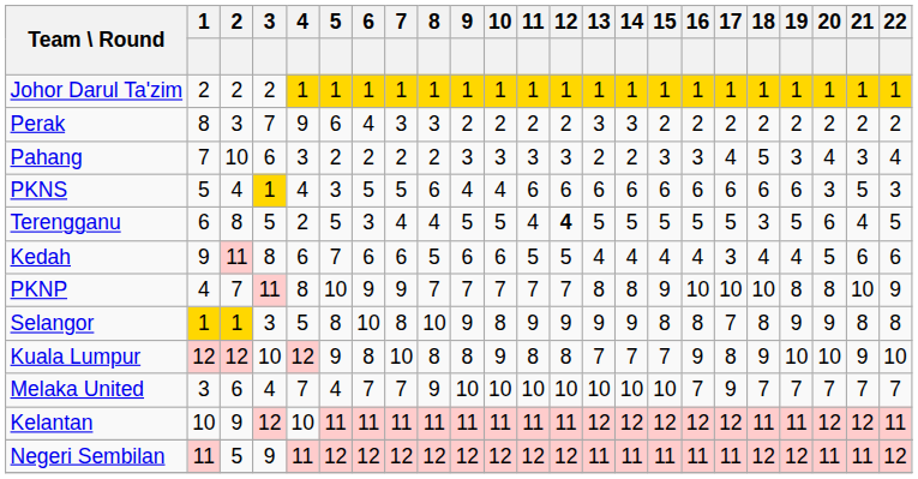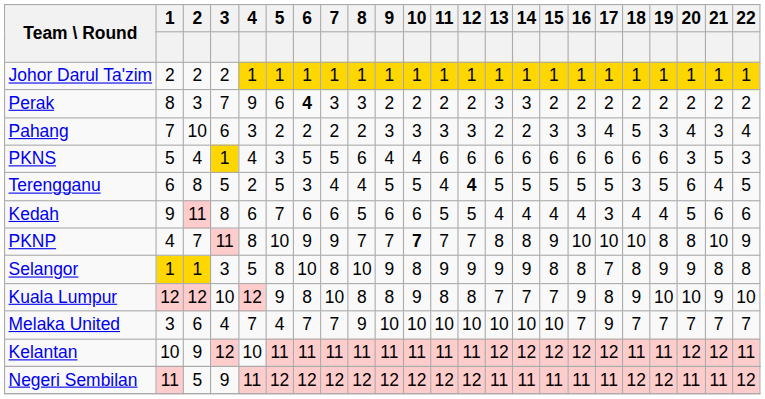 <table class="wikitable sortable" style="text-align:center;">
 <tr>
 <th rowspan="2">Team \ Round</th>
 <th>1</th>
 <th>2</th>
 <th>3</th>
 <th>4</th>
 <th>5</th>
 <th>6</th>
 <th>7</th>
 <th>8</th>
 <th>9</th>
 <th>10</th>
 <th>11</th>
 <th>12</th>
 <th>13</th>
 <th>14</th>
 <th>15</th>
 <th>16</th>
 <th>17</th>
 <th>18</th>
 <th>19</th>
 <th>20</th>
 <th>21</th>
 <th>22</th>
 </tr>
 <tr>
 <th style="height:20px;"></th>
 <th></th>
 <th></th>
 <th></th>
 <th></th>
 <th></th>
 <th></th>
 <th></th>
 <th></th>
 <th></th>
 <th></th>
 <th></th>
 <th></th>
 <th></th>
 <th></th>
 <th></th>
 <th></th>
 <th></th>
 <th></th>
 <th></th>
 <th></th>
 <th></th>
 </tr>
 <tr>
 <td align=left><a href='#'>Johor Darul Ta'zim</a></td>
 <td>2</td>
 <td>2</td>
 <td>2</td>
 <td style="width:10px; background:gold;">1</td>
 <td style="width:10px; background:gold;">1</td>
 <td style="width:10px; background:gold;">1</td>
 <td style="width:10px; background:gold;">1</td>
 <td style="width:10px; background:gold;">1</td>
 <td style="width:10px; background:gold;">1</td>
 <td style="width:10px; background:gold;">1</td>
 <td style="width:10px; background:gold;">1</td>
 <td style="width:10px; background:gold;">1</td>
 <td style="width:10px; background:gold;">1</td>
 <td style="width:10px; background:gold;">1</td>
 <td style="width:10px; background:gold;">1</td>
 <td style="width:10px; background:gold;">1</td>
 <td style="width:10px; background:gold;">1</td>
 <td style="width:10px; background:gold;">1</td>
 <td style="width:10px; background:gold;">1</td>
 <td style="width:10px; background:gold;">1</td>
 <td style="width:10px; background:gold;">1</td>
 <td style="width:10px; background:gold;">1</td>
 </tr>
 <tr>
 <td align=left><a href='#'>Perak</a></td>
 <td>8</td>
 <td>3</td>
 <td>7</td>
 <td>9</td>
 <td>6</td>
-<td>4</td>
+<td><strong>4</strong></td>
 <td>3</td>
 <td>3</td>
 <td>2</td>
 <td>2</td>
 <td>2</td>
 <td>2</td>
 <td>3</td>
 <td>3</td>
 <td>2</td>
 <td>2</td>
 <td>2</td>
 <td>2</td>
 <td>2</td>
 <td>2</td>
 <td>2</td>
 <td>2</td>
 </tr>
 <tr>
 <td align=left><a href='#'>Pahang</a></td>
 <td>7</td>
 <td>10</td>
 <td>6</td>
 <td>3</td>
 <td>2</td>
 <td>2</td>
 <td>2</td>
 <td>2</td>
 <td>3</td>
 <td>3</td>
 <td>3</td>
 <td>3</td>
 <td>2</td>
 <td>2</td>
 <td>3</td>
 <td>3</td>
 <td>4</td>
 <td>5</td>
 <td>3</td>
 <td>4</td>
 <td>3</td>
 <td>4</td>
 </tr>
 <tr>
 <td align=left><a href='#'>PKNS</a></td>
 <td>5</td>
 <td>4</td>
 <td style="width:10px; background:gold;">1</td>
 <td>4</td>
 <td>3</td>
 <td>5</td>
 <td>5</td>
 <td>6</td>
 <td>4</td>
 <td>4</td>
 <td>6</td>
 <td>6</td>
 <td>6</td>
 <td>6</td>
 <td>6</td>
 <td>6</td>
 <td>6</td>
 <td>6</td>
 <td>6</td>
 <td>3</td>
 <td>5</td>
 <td>3</td>
 </tr>
 <tr>
 <td align=left><a href='#'>Terengganu</a></td>
 <td>6</td>
 <td>8</td>
 <td>5</td>
 <td>2</td>
 <td>5</td>
 <td>3</td>
 <td>4</td>
 <td>4</td>
 <td>5</td>
 <td>5</td>
 <td>4</td>
 <td><strong>4</strong></td>
 <td>5</td>
 <td>5</td>
 <td>5</td>
 <td>5</td>
 <td>5</td>
 <td>3</td>
 <td>5</td>
 <td>6</td>
 <td>4</td>
 <td>5</td>
 </tr>
 <tr>
 <td align=left><a href='#'>Kedah</a></td>
 <td>9</td>
 <td style="width:10px; background:#ffcccc;">11</td>
 <td>8</td>
 <td>6</td>
 <td>7</td>
 <td>6</td>
 <td>6</td>
 <td>5</td>
 <td>6</td>
 <td>6</td>
 <td>5</td>
 <td>5</td>
 <td>4</td>
 <td>4</td>
 <td>4</td>
 <td>4</td>
 <td>3</td>
 <td>4</td>
 <td>4</td>
 <td>5</td>
 <td>6</td>
 <td>6</td>
 </tr>
 <tr>
 <td align=left><a href='#'>PKNP</a></td>
 <td>4</td>
 <td>7</td>
 <td style="width:10px; background:#ffcccc;">11</td>
 <td>8</td>
 <td>10</td>
 <td>9</td>
 <td>9</td>
 <td>7</td>
 <td>7</td>
-<td>7</td>
+<td><strong>7</strong></td>
 <td>7</td>
 <td>7</td>
 <td>8</td>
 <td>8</td>
 <td>9</td>
 <td>10</td>
 <td>10</td>
 <td>10</td>
 <td>8</td>
 <td>8</td>
 <td>10</td>
 <td>9</td>
 </tr>
 <tr>
 <td align=left><a href='#'>Selangor</a></td>
 <td style="width:10px; background:gold;">1</td>
 <td style="width:10px; background:gold;">1</td>
 <td>3</td>
 <td>5</td>
 <td>8</td>
 <td>10</td>
 <td>8</td>
 <td>10</td>
 <td>9</td>
 <td>8</td>
 <td>9</td>
 <td>9</td>
 <td>9</td>
 <td>9</td>
 <td>8</td>
 <td>8</td>
 <td>7</td>
 <td>8</td>
 <td>9</td>
 <td>9</td>
 <td>8</td>
 <td>8</td>
 </tr>
 <tr>
 <td align=left><a href='#'>Kuala Lumpur</a></td>
 <td style="width:10px; background:#ffcccc;">12</td>
 <td style="width:10px; background:#ffcccc;">12</td>
 <td>10</td>
 <td style="width:10px; background:#ffcccc;">12</td>
 <td>9</td>
 <td>8</td>
 <td>10</td>
 <td>8</td>
 <td>8</td>
 <td>9</td>
 <td>8</td>
 <td>8</td>
 <td>7</td>
 <td>7</td>
 <td>7</td>
 <td>9</td>
 <td>8</td>
 <td>9</td>
 <td>10</td>
 <td>10</td>
 <td>9</td>
 <td>10</td>
 </tr>
 <tr>
 <td align=left><a href='#'>Melaka United</a></td>
 <td>3</td>
 <td>6</td>
 <td>4</td>
 <td>7</td>
 <td>4</td>
 <td>7</td>
 <td>7</td>
 <td>9</td>
 <td>10</td>
 <td>10</td>
 <td>10</td>
 <td>10</td>
 <td>10</td>
 <td>10</td>
 <td>10</td>
 <td>7</td>
 <td>9</td>
 <td>7</td>
 <td>7</td>
 <td>7</td>
 <td>7</td>
 <td>7</td>
 </tr>
 <tr>
 <td align=left><a href='#'>Kelantan</a></td>
 <td>10</td>
 <td>9</td>
 <td style="width:10px; background:#ffcccc;">12</td>
 <td>10</td>
 <td style="width:10px; background:#ffcccc;">11</td>
 <td style="width:10px; background:#ffcccc;">11</td>
 <td style="width:10px; background:#ffcccc;">11</td>
 <td style="width:10px; background:#ffcccc;">11</td>
 <td style="width:10px; background:#ffcccc;">11</td>
 <td style="width:10px; background:#ffcccc;">11</td>
 <td style="width:10px; background:#ffcccc;">11</td>
 <td style="width:10px; background:#ffcccc;">11</td>
 <td style="width:10px; background:#ffcccc;">12</td>
 <td style="width:10px; background:#ffcccc;">12</td>
 <td style="width:10px; background:#ffcccc;">12</td>
 <td style="width:10px; background:#ffcccc;">12</td>
 <td style="width:10px; background:#ffcccc;">12</td>
 <td style="width:10px; background:#ffcccc;">11</td>
 <td style="width:10px; background:#ffcccc;">11</td>
 <td style="width:10px; background:#ffcccc;">12</td>
 <td style="width:10px; background:#ffcccc;">12</td>
 <td style="width:10px; background:#ffcccc;">11</td>
 </tr>
 <tr>
 </tr>
 <tr>
 <td align=left><a href='#'>Negeri Sembilan</a></td>
 <td style="width:10px; background:#ffcccc;">11</td>
 <td>5</td>
 <td>9</td>
 <td style="width:10px; background:#ffcccc;">11</td>
 <td style="width:10px; background:#ffcccc;">12</td>
 <td style="width:10px; background:#ffcccc;">12</td>
 <td style="width:10px; background:#ffcccc;">12</td>
 <td style="width:10px; background:#ffcccc;">12</td>
 <td style="width:10px; background:#ffcccc;">12</td>
 <td style="width:10px; background:#ffcccc;">12</td>
 <td style="width:10px; background:#ffcccc;">12</td>
 <td style="width:10px; background:#ffcccc;">12</td>
 <td style="width:10px; background:#ffcccc;">11</td>
 <td style="width:10px; background:#ffcccc;">11</td>
 <td style="width:10px; background:#ffcccc;">11</td>
 <td style="width:10px; background:#ffcccc;">11</td>
 <td style="width:10px; background:#ffcccc;">11</td>
 <td style="width:10px; background:#ffcccc;">12</td>
 <td style="width:10px; background:#ffcccc;">12</td>
 <td style="width:10px; background:#ffcccc;">11</td>
 <td style="width:10px; background:#ffcccc;">11</td>
 <td style="width:10px; background:#ffcccc;">12</td>
 </tr>
 <tr>
 </tr>
 </table>
